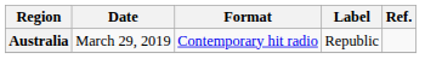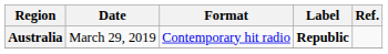 <table class="wikitable plainrowheaders">
 <tr>
 <th scope="col">Region</th>
 <th scope="col">Date</th>
 <th scope="col">Format</th>
 <th scope="col">Label</th>
 <th scope="col">Ref.</th>
 </tr>
 <tr>
 <th scope="row">Australia</th>
 <td>March 29, 2019</td>
 <td><a href='#'>Contemporary hit radio</a></td>
-<td>Republic</td>
+<td><strong>Republic</strong></td>
 <td></td>
 </tr>
 <tr>
 </tr>
 </table>
